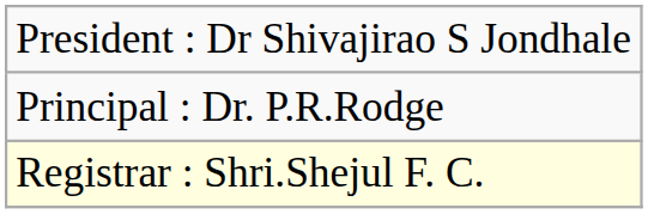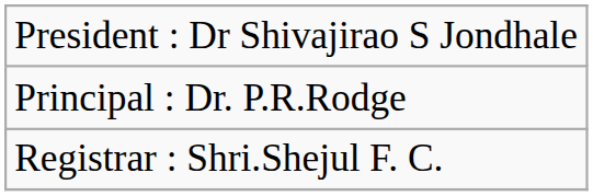 <table class="wikitable">
 <tr>
 <td>President : Dr Shivajirao S Jondhale</td>
 </tr>
 <tr>
 <td>Principal : Dr. P.R.Rodge</td>
 </tr>
 <tr>
-<td style="background: lightyellow;">Registrar : Shri.Shejul F. C.</td>
+<td>Registrar : Shri.Shejul F. C.</td>
 </tr>
 <tr>
 </tr>
 </table>
